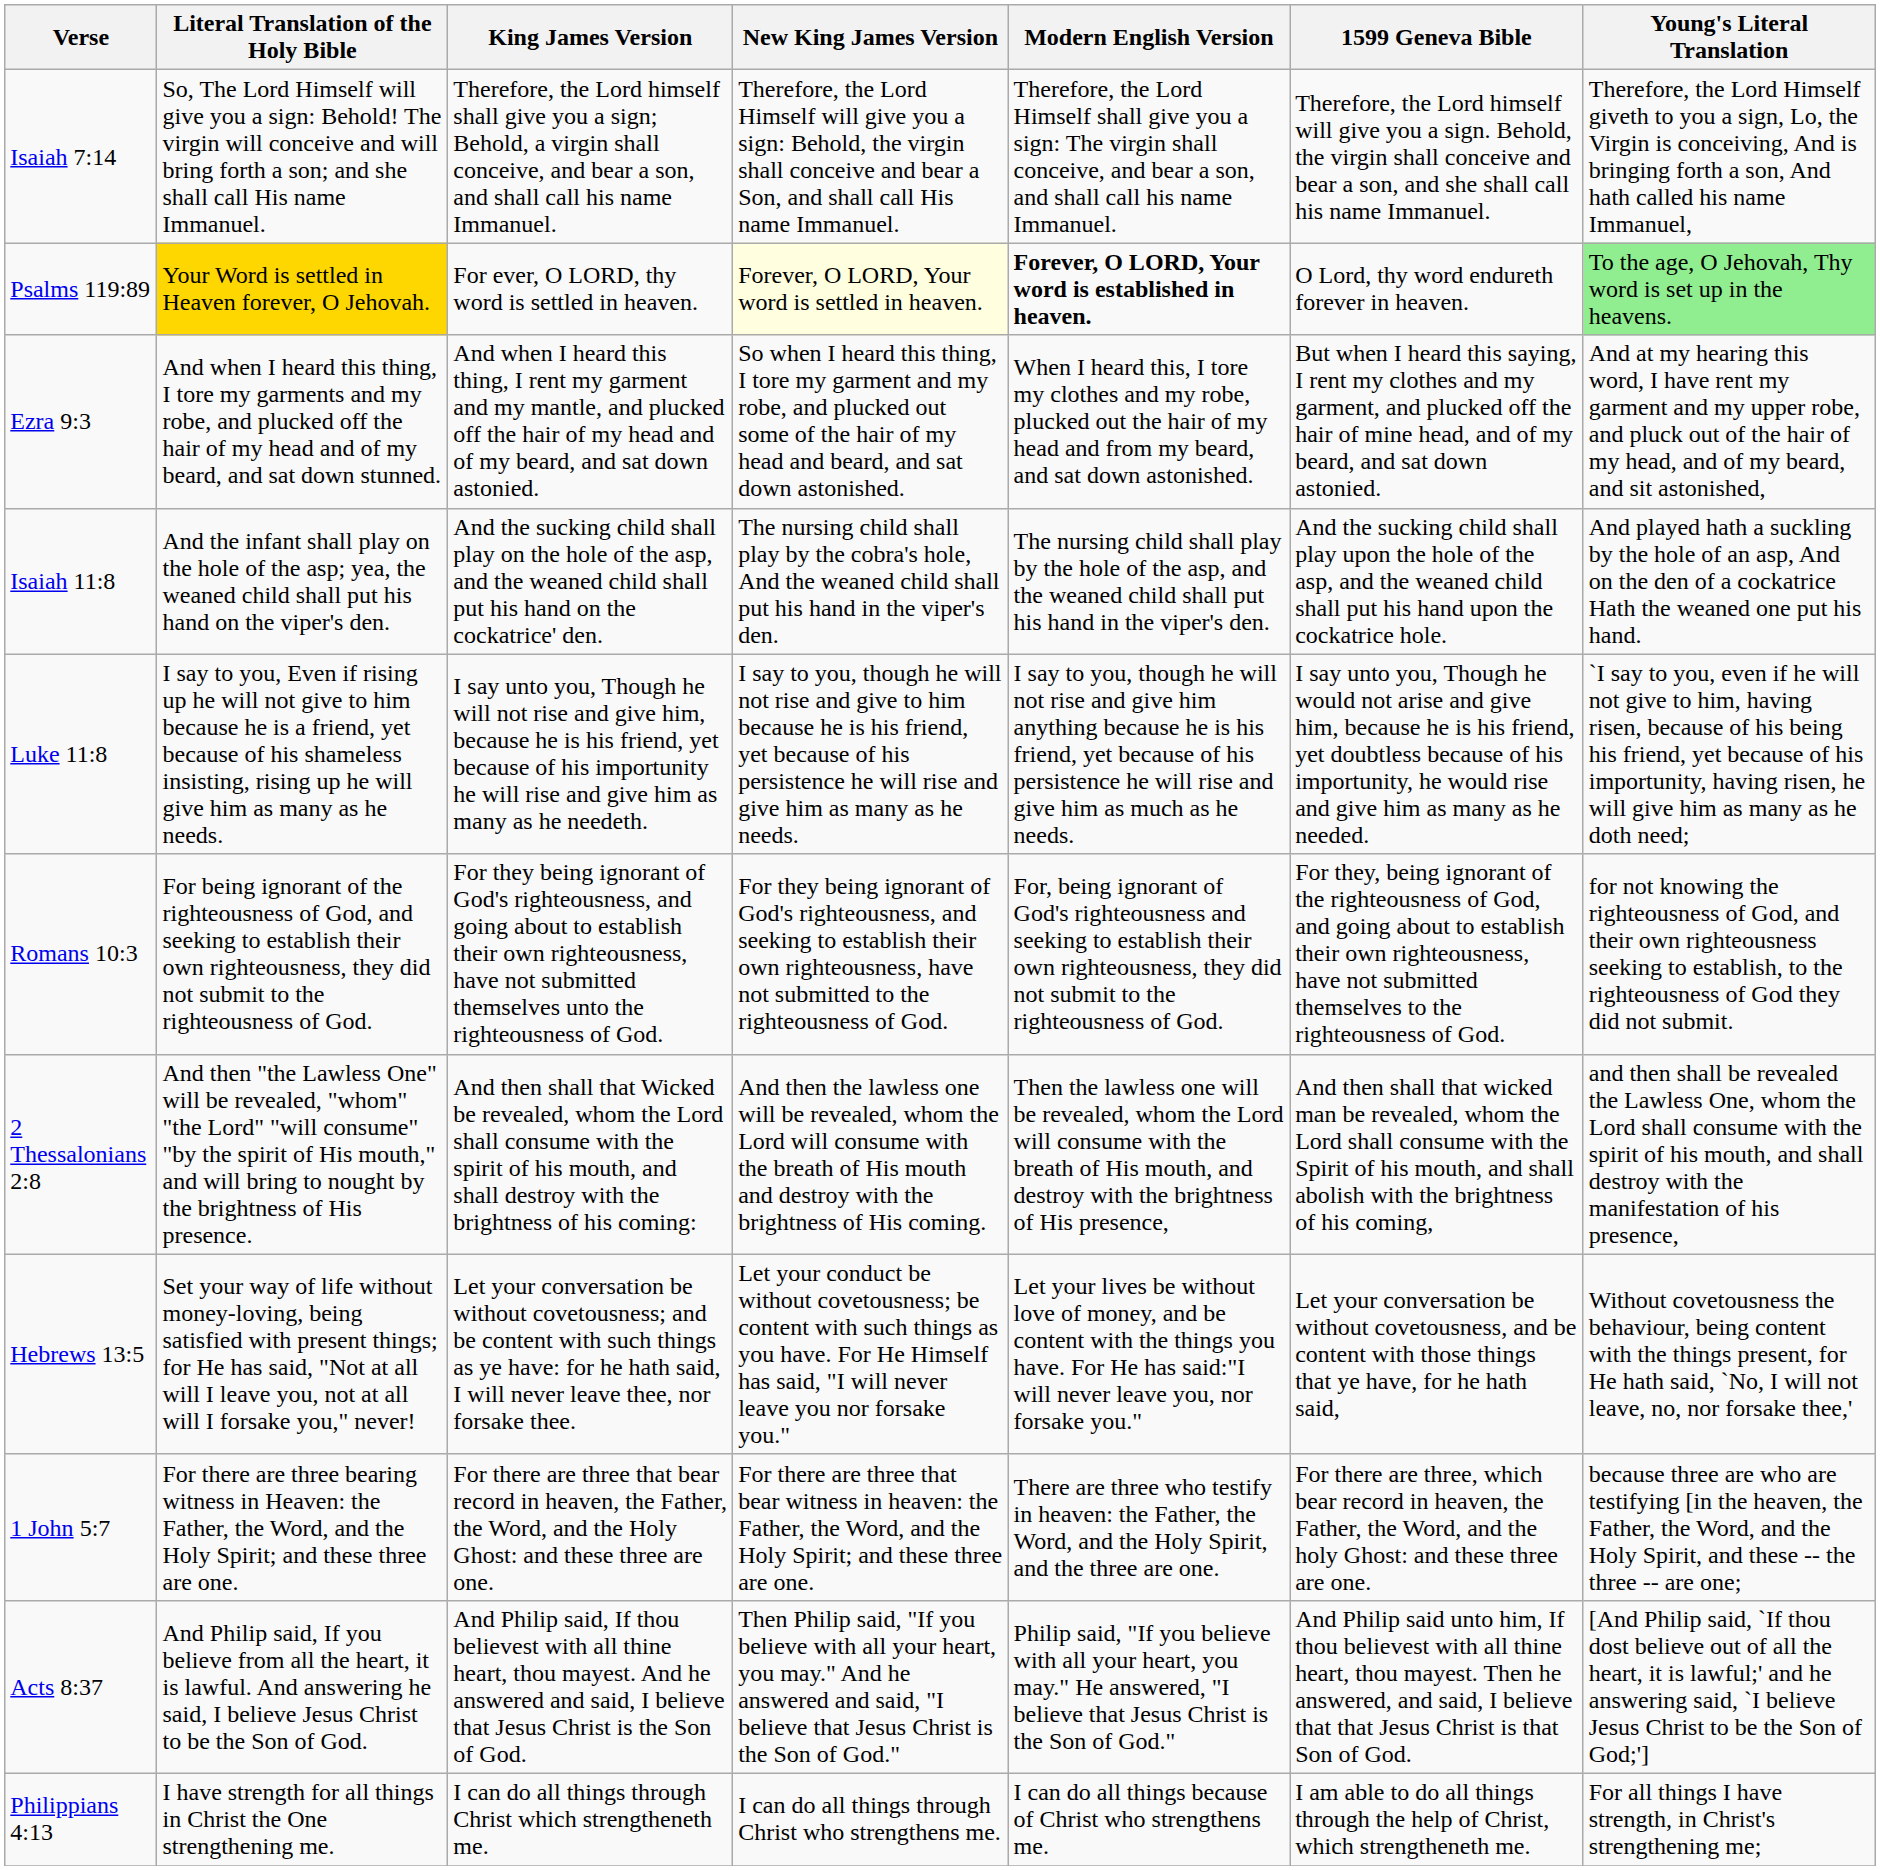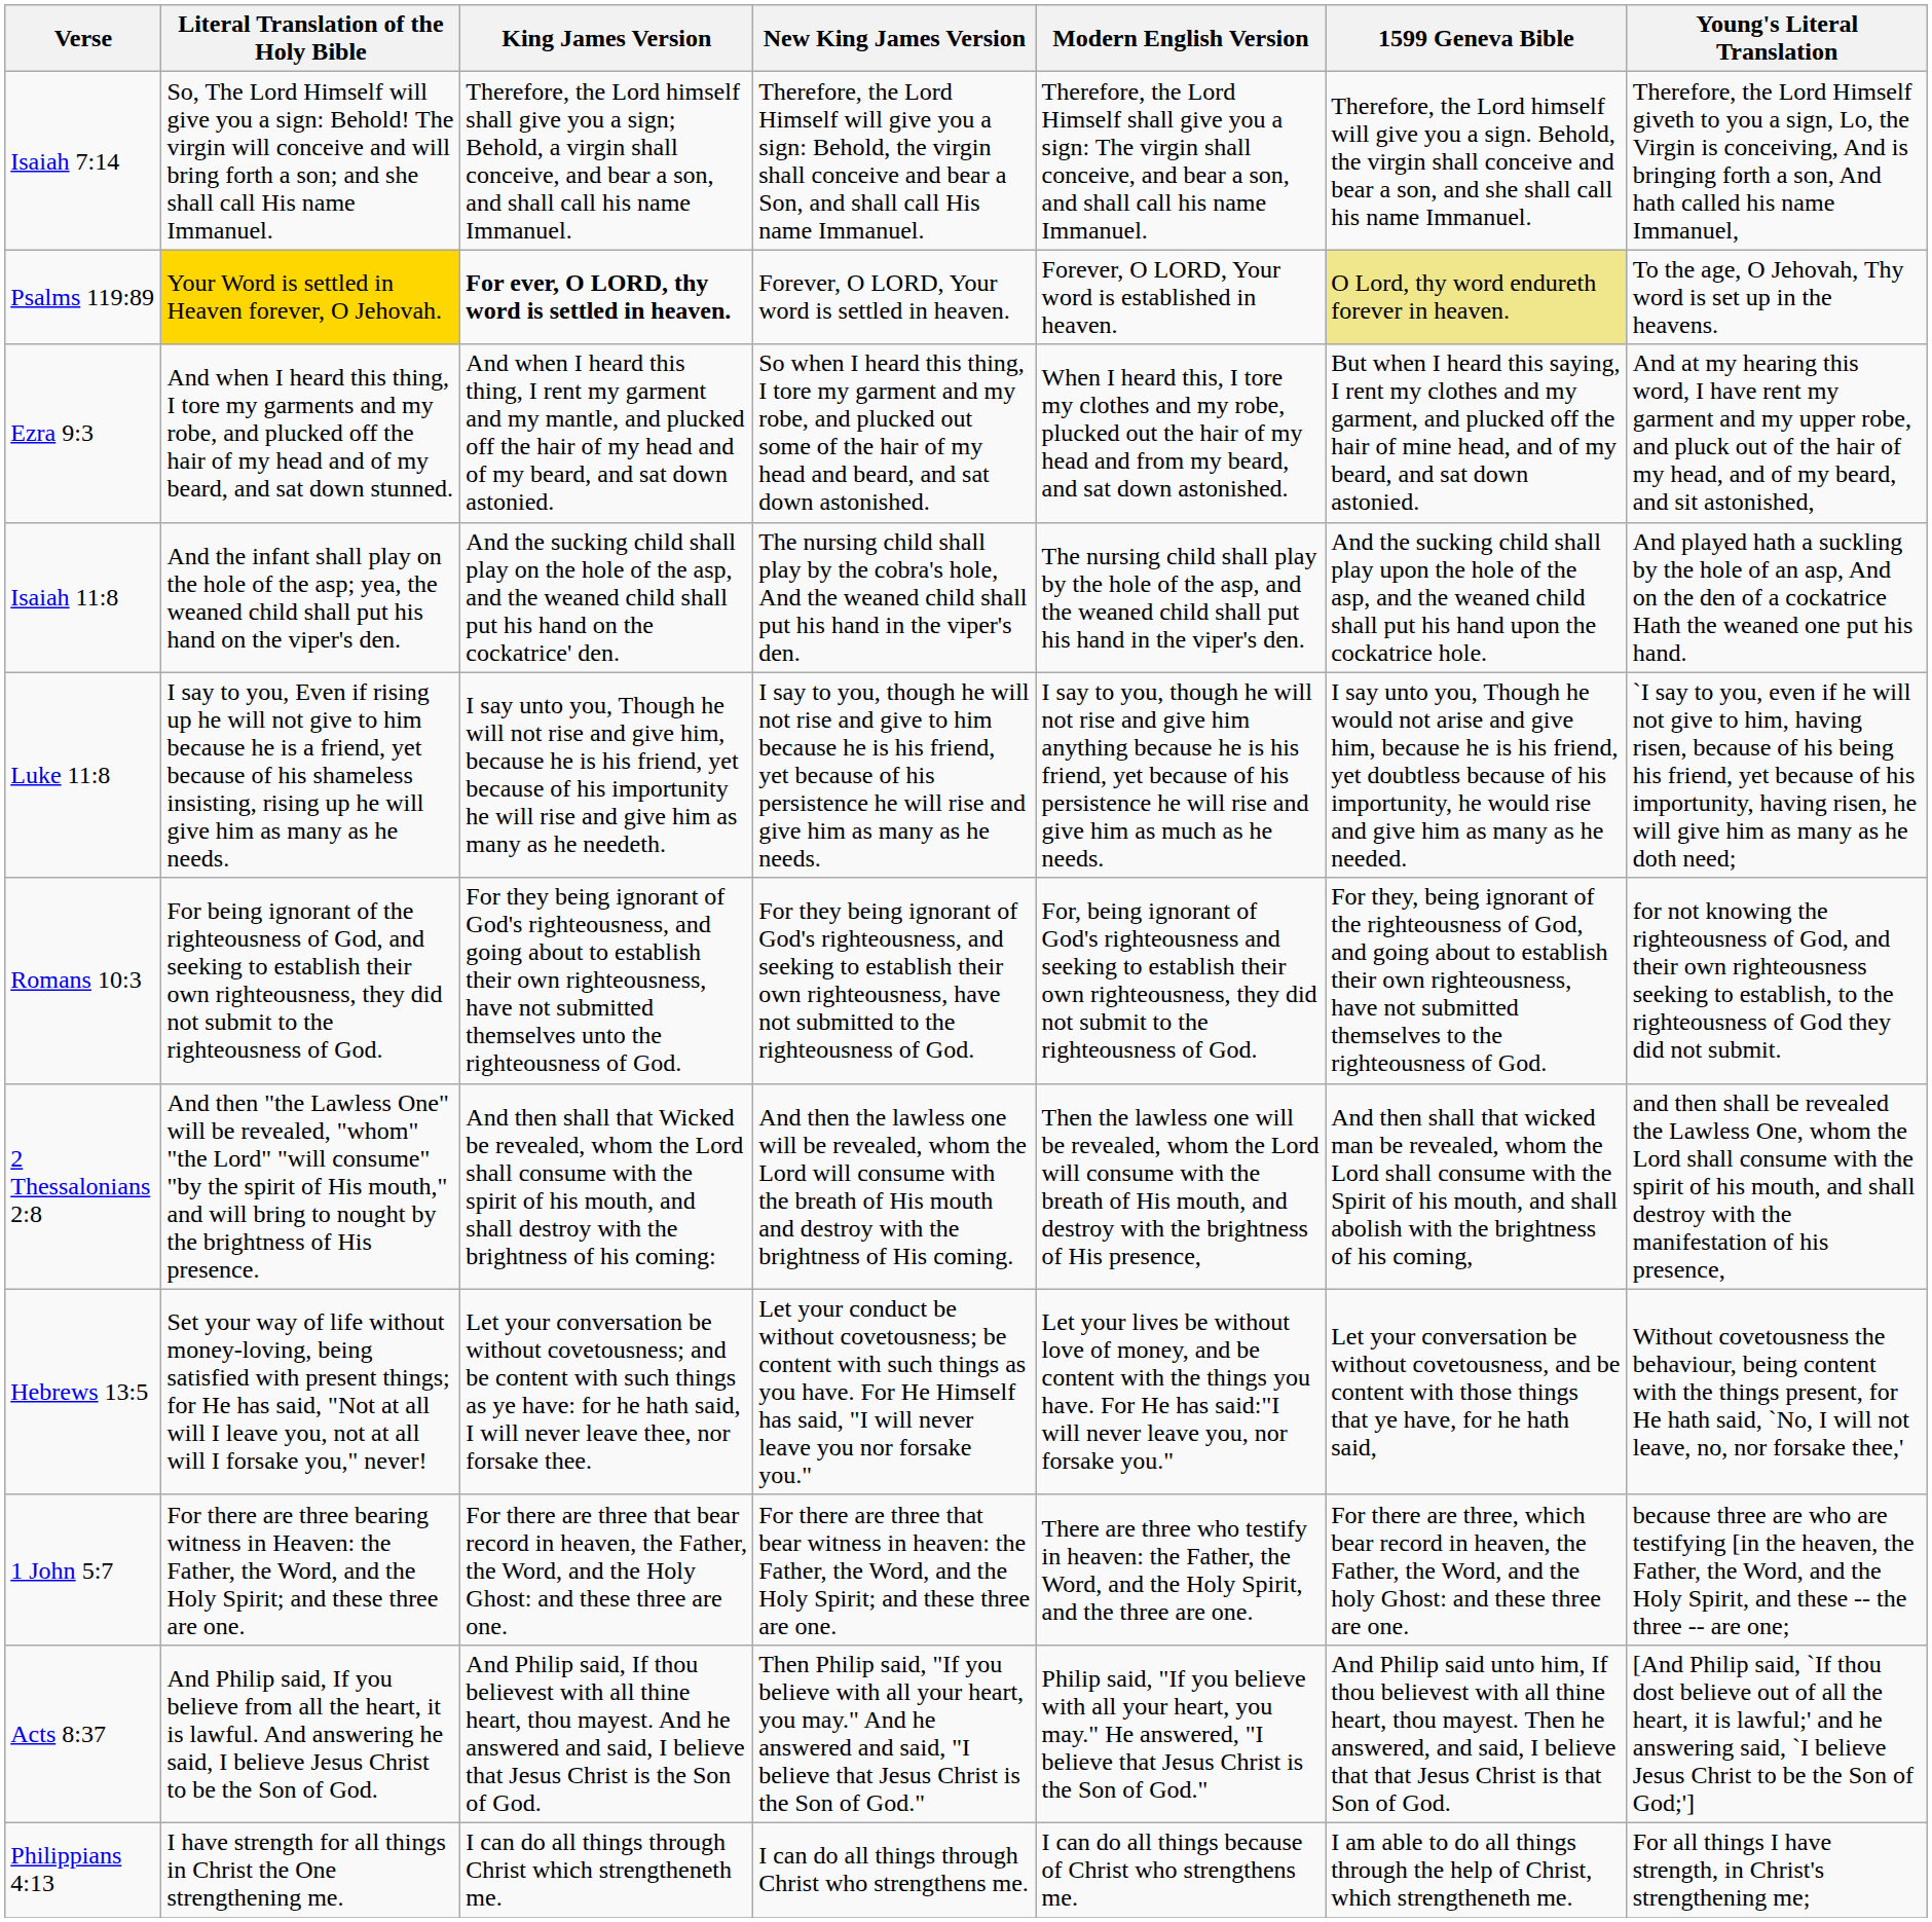 <table class="wikitable" border=1>
 <tr>
 <th>Verse</th>
 <th>Literal Translation of the Holy Bible</th>
 <th>King James Version</th>
 <th>New King James Version</th>
 <th>Modern English Version</th>
 <th>1599 Geneva Bible</th>
 <th>Young's Literal Translation</th>
 </tr>
 <tr>
 <td><a href='#'>Isaiah</a>  7:14</td>
 <td>So, The Lord Himself will give you a sign: Behold! The virgin will conceive and will bring forth a son; and she shall call His name Immanuel.</td>
 <td>Therefore, the Lord himself shall give you a sign; Behold, a virgin shall conceive, and bear a son, and shall call his name Immanuel.</td>
 <td>Therefore, the Lord Himself will give you a sign: Behold, the virgin shall conceive and bear a Son, and shall call His name Immanuel.</td>
 <td>Therefore, the Lord Himself shall give you a sign: The virgin shall conceive, and bear a son, and shall call his name Immanuel.</td>
 <td>Therefore, the Lord himself will give you a sign. Behold, the virgin shall conceive and bear a son, and she shall call his name Immanuel.</td>
 <td>Therefore, the Lord Himself giveth to you a sign, Lo, the Virgin is conceiving, And is bringing forth a son, And hath called his name Immanuel,</td>
 </tr>
 <tr>
 <td><a href='#'>Psalms</a> 119:89</td>
 <td style="background: gold;">Your Word is settled in Heaven forever, O Jehovah.</td>
-<td>For ever, O LORD, thy word is settled in heaven.</td>
-<td style="background: lightyellow;">Forever, O LORD, Your word is settled in heaven.</td>
-<td><strong>Forever, O LORD, Your word is established in heaven.</strong></td>
-<td>O Lord, thy word endureth forever in heaven.</td>
-<td style="background: lightgreen;">To the age, O Jehovah, Thy word is set up in the heavens.</td>
+<td><strong>For ever, O LORD, thy word is settled in heaven.</strong></td>
+<td>Forever, O LORD, Your word is settled in heaven.</td>
+<td>Forever, O LORD, Your word is established in heaven.</td>
+<td style="background: khaki;">O Lord, thy word endureth forever in heaven.</td>
+<td>To the age, O Jehovah, Thy word is set up in the heavens.</td>
 </tr>
 <tr>
 <td><a href='#'>Ezra</a> 9:3</td>
 <td>And when I heard this thing, I tore my garments and my robe, and plucked off the hair of my head and of my beard, and sat down stunned.</td>
 <td>And when I heard this thing, I rent my garment and my mantle, and plucked off the hair of my head and of my beard, and sat down astonied.</td>
 <td>So when I heard this thing, I tore my garment and my robe, and plucked out some of the hair of my head and beard, and sat down astonished.</td>
 <td>When I heard this, I tore my clothes and my robe, plucked out the hair of my head and from my beard, and sat down astonished.</td>
 <td>But when I heard this saying, I rent my clothes and my garment, and plucked off the hair of mine head, and of my beard, and sat down astonied.</td>
 <td>And at my hearing this word, I have rent my garment and my upper robe, and pluck out of the hair of my head, and of my beard, and sit astonished,</td>
 </tr>
 <tr>
 <td><a href='#'>Isaiah</a> 11:8</td>
 <td>And the infant shall play on the hole of the asp; yea, the weaned child shall put his hand on the viper's den.</td>
 <td>And the sucking child shall play on the hole of the asp, and the weaned child shall put his hand on the cockatrice' den.</td>
 <td>The nursing child shall play by the cobra's hole, And the weaned child shall put his hand in the viper's den.</td>
 <td>The nursing child shall play by the hole of the asp, and the weaned child shall put his hand in the viper's den.</td>
 <td>And the sucking child shall play upon the hole of the asp, and the weaned child shall put his hand upon the cockatrice hole.</td>
 <td>And played hath a suckling by the hole of an asp, And on the den of a cockatrice Hath the weaned one put his hand.</td>
 </tr>
 <tr>
 <td><a href='#'>Luke</a> 11:8</td>
 <td>I say to you, Even if rising up he will not give to him because he is a friend, yet because of his shameless insisting, rising up he will give him as many as he needs.</td>
 <td>I say unto you, Though he will not rise and give him, because he is his friend, yet because of his importunity he will rise and give him as many as he needeth.</td>
 <td>I say to you, though he will not rise and give to him because he is his friend, yet because of his persistence he will rise and give him as many as he needs.</td>
 <td>I say to you, though he will not rise and give him anything because he is his friend, yet because of his persistence he will rise and give him as much as he needs.</td>
 <td>I say unto you, Though he would not arise and give him, because he is his friend, yet doubtless because of his importunity, he would rise and give him as many as he needed.</td>
 <td>`I say to you, even if he will not give to him, having risen, because of his being his friend, yet because of his importunity, having risen, he will give him as many as he doth need;</td>
 </tr>
 <tr>
 <td><a href='#'>Romans</a> 10:3</td>
 <td>For being ignorant of the righteousness of God, and seeking to establish their own righteousness, they did not submit to the righteousness of God.</td>
 <td>For they being ignorant of God's righteousness, and going about to establish their own righteousness, have not submitted themselves unto the righteousness of God.</td>
 <td>For they being ignorant of God's righteousness, and seeking to establish their own righteousness, have not submitted to the righteousness of God.</td>
 <td>For, being ignorant of God's righteousness and seeking to establish their own righteousness, they did not submit to the righteousness of God.</td>
 <td>For they, being ignorant of the righteousness of God, and going about to establish their own righteousness, have not submitted themselves to the righteousness of God.</td>
 <td>for not knowing the righteousness of God, and their own righteousness seeking to establish, to the righteousness of God they did not submit.</td>
 </tr>
 <tr>
 <td><a href='#'>2 Thessalonians</a> 2:8</td>
 <td>And then "the Lawless One" will be revealed, "whom" "the Lord" "will consume" "by the spirit of His mouth," and will bring to nought by the brightness of His presence.</td>
 <td>And then shall that Wicked be revealed, whom the Lord shall consume with the spirit of his mouth, and shall destroy with the brightness of his coming:</td>
 <td>And then the lawless one will be revealed, whom the Lord will consume with the breath of His mouth and destroy with the brightness of His coming.</td>
 <td>Then the lawless one will be revealed, whom the Lord will consume with the breath of His mouth, and destroy with the brightness of His presence,</td>
 <td>And then shall that wicked man be revealed, whom the Lord shall consume with the Spirit of his mouth, and shall abolish with the brightness of his coming,</td>
 <td>and then shall be revealed the Lawless One, whom the Lord shall consume with the spirit of his mouth, and shall destroy with the manifestation of his presence,</td>
 </tr>
 <tr>
 <td><a href='#'>Hebrews</a> 13:5</td>
 <td>Set your way of life without money-loving, being satisfied with present things; for He has said, "Not at all will I leave you, not at all will I forsake you," never!</td>
 <td>Let your conversation be without covetousness; and be content with such things as ye have: for he hath said, I will never leave thee, nor forsake thee.</td>
 <td>Let your conduct be without covetousness; be content with such things as you have. For He Himself has said, "I will never leave you nor forsake you."</td>
 <td>Let your lives be without love of money, and be content with the things you have. For He has said:"I will never leave you, nor forsake you."</td>
 <td>Let your conversation be without covetousness, and be content with those things that ye have, for he hath said,</td>
 <td>Without covetousness the behaviour, being content with the things present, for He hath said, `No, I will not leave, no, nor forsake thee,'</td>
 </tr>
 <tr>
 <td><a href='#'>1 John</a> 5:7</td>
 <td>For there are three bearing witness in Heaven: the Father, the Word, and the Holy Spirit; and these three are one.</td>
 <td>For there are three that bear record in heaven, the Father, the Word, and the Holy Ghost: and these three are one.</td>
 <td>For there are three that bear witness in heaven: the Father, the Word, and the Holy Spirit; and these three are one.</td>
 <td>There are three who testify in heaven: the Father, the Word, and the Holy Spirit, and the three are one.</td>
 <td>For there are three, which bear record in heaven, the Father, the Word, and the holy Ghost: and these three are one.</td>
 <td>because three are who are testifying [in the heaven, the Father, the Word, and the Holy Spirit, and these -- the three -- are one;</td>
 </tr>
 <tr>
 <td><a href='#'>Acts</a> 8:37</td>
 <td>And Philip said, If you believe from all the heart, it is lawful. And answering he said, I believe Jesus Christ to be the Son of God.</td>
 <td>And Philip said, If thou believest with all thine heart, thou mayest. And he answered and said, I believe that Jesus Christ is the Son of God.</td>
 <td>Then Philip said, "If you believe with all your heart, you may." And he answered and said, "I believe that Jesus Christ is the Son of God."</td>
 <td>Philip said, "If you believe with all your heart, you may." He answered, "I believe that Jesus Christ is the Son of God."</td>
 <td>And Philip said unto him, If thou believest with all thine heart, thou mayest. Then he answered, and said, I believe that that Jesus Christ is that Son of God.</td>
 <td>[And Philip said, `If thou dost believe out of all the heart, it is lawful;' and he answering said, `I believe Jesus Christ to be the Son of God;']</td>
 </tr>
 <tr>
 <td><a href='#'>Philippians</a> 4:13</td>
 <td>I have strength for all things in Christ the One strengthening me.</td>
 <td>I can do all things through Christ which strengtheneth me.</td>
 <td>I can do all things through Christ who strengthens me.</td>
 <td>I can do all things because of Christ who strengthens me.</td>
 <td>I am able to do all things through the help of Christ, which strengtheneth me.</td>
 <td>For all things I have strength, in Christ's strengthening me;</td>
 </tr>
 <tr>
 </tr>
 </table>
